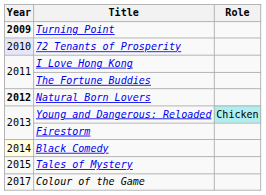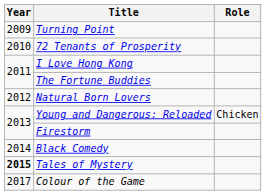 <table class="wikitable" style="font-size: 90%;">
 <tr>
 <th>Year</th>
 <th>Title</th>
 <th>Role</th>
 </tr>
 <tr>
-<td><strong>2009</strong></td>
+<td>2009</td>
 <td><em><a href='#'>Turning Point</a></em></td>
 <td></td>
 </tr>
 <tr>
-<td style="background: lavender;">2010</td>
+<td>2010</td>
 <td><em><a href='#'>72 Tenants of Prosperity</a></em></td>
 <td></td>
 </tr>
 <tr>
 <td rowspan="2">2011</td>
 <td><em><a href='#'>I Love Hong Kong</a></em></td>
 <td></td>
 </tr>
 <tr>
 <td><em><a href='#'>The Fortune Buddies</a></em></td>
 <td></td>
 </tr>
 <tr>
-<td><strong>2012</strong></td>
+<td>2012</td>
 <td><em><a href='#'>Natural Born Lovers</a></em></td>
 <td></td>
 </tr>
 <tr>
 <td rowspan="2">2013</td>
 <td><em><a href='#'>Young and Dangerous: Reloaded</a></em></td>
-<td style="background: paleturquoise;">Chicken</td>
+<td>Chicken</td>
 </tr>
 <tr>
 <td><em><a href='#'>Firestorm</a></em></td>
 <td></td>
 </tr>
 <tr>
-<td style="background: lightyellow;">2014</td>
+<td>2014</td>
 <td><em><a href='#'>Black Comedy</a></em></td>
 <td></td>
 </tr>
 <tr>
-<td>2015</td>
+<td><strong>2015</strong></td>
 <td><em><a href='#'>Tales of Mystery</a></em></td>
 <td></td>
 </tr>
 <tr>
 <td>2017</td>
 <td><em>Colour of the Game</em></td>
 <td></td>
 </tr>
 </table>
